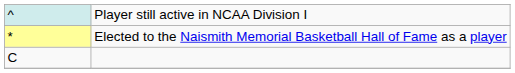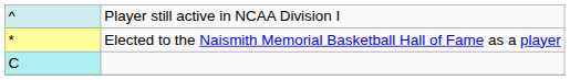 <table class="wikitable">
 <tr>
 <td style="background-color:#CFECEC; width:6em">^</td>
 <td>Player still active in NCAA Division I</td>
 </tr>
 <tr>
 <td style="background-color:#FFFF99; width:6em">*</td>
 <td>Elected to the <a href='#'>Naismith Memorial Basketball Hall of Fame</a> as a <a href='#'>player</a></td>
 </tr>
 <tr>
-<td>C</td>
+<td style="background: paleturquoise;">C</td>
 <td></td>
 </tr>
 <tr>
 </tr>
 </table>
